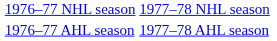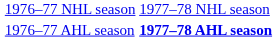 <table>
 <tr>
 <td><a href='#'>1976–77 NHL season</a></td>
 <td><a href='#'>1977–78 NHL season</a></td>
 </tr>
 <tr>
 <td><a href='#'>1976–77 AHL season</a></td>
-<td><a href='#'>1977–78 AHL season</a></td>
+<td><strong><a href='#'>1977–78 AHL season</a></strong></td>
 </tr>
 <tr>
 </tr>
 </table>
